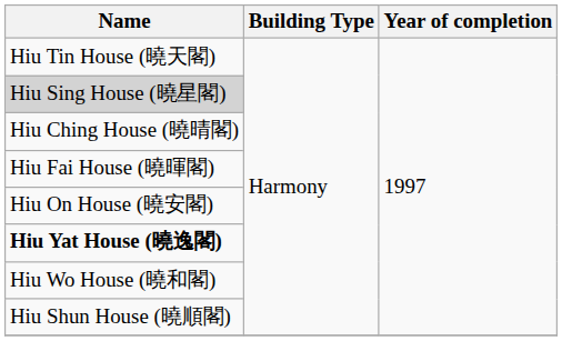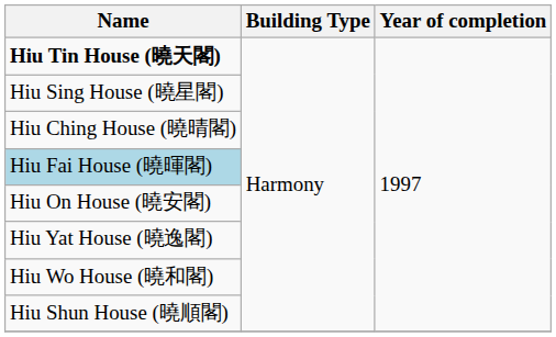 <table class="wikitable">
 <tr>
 <th>Name</th>
 <th>Building Type</th>
 <th>Year of completion</th>
 </tr>
 <tr>
-<td>Hiu Tin House (曉天閣)</td>
+<td><strong>Hiu Tin House (曉天閣)</strong></td>
 <td rowspan="8">Harmony</td>
 <td rowspan="8">1997</td>
 </tr>
 <tr>
-<td style="background: lightgrey;">Hiu Sing House (曉星閣)</td>
+<td>Hiu Sing House (曉星閣)</td>
 </tr>
 <tr>
 <td>Hiu Ching House (曉晴閣)</td>
 </tr>
 <tr>
-<td>Hiu Fai House (曉暉閣)</td>
+<td style="background: lightblue;">Hiu Fai House (曉暉閣)</td>
 </tr>
 <tr>
 <td>Hiu On House (曉安閣)</td>
 </tr>
 <tr>
-<td><strong>Hiu Yat House (曉逸閣)</strong></td>
+<td>Hiu Yat House (曉逸閣)</td>
 </tr>
 <tr>
 <td>Hiu Wo House (曉和閣)</td>
 </tr>
 <tr>
 <td>Hiu Shun House (曉順閣)</td>
 </tr>
 <tr>
 </tr>
 </table>
